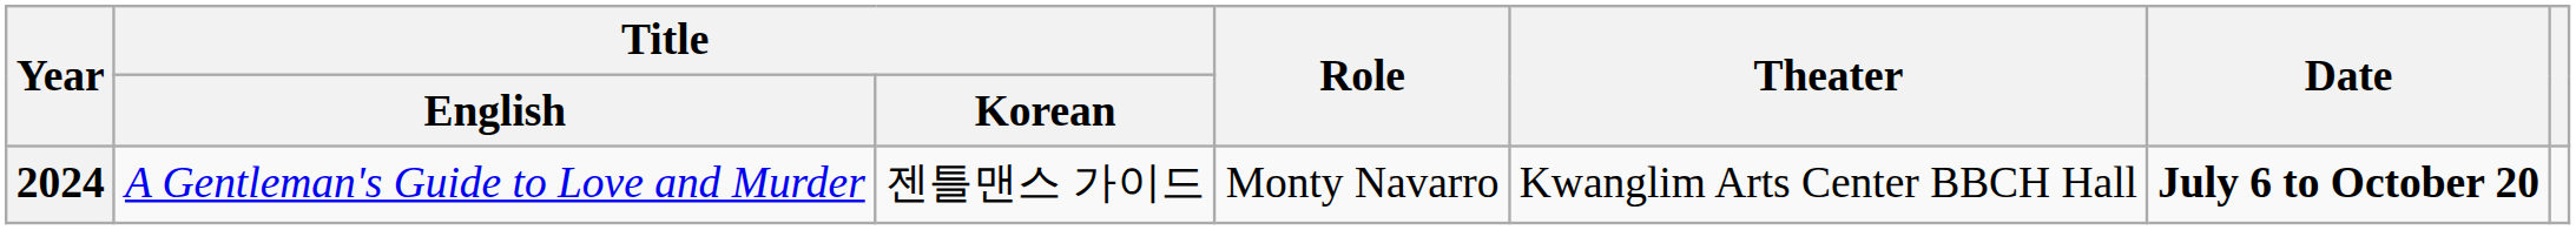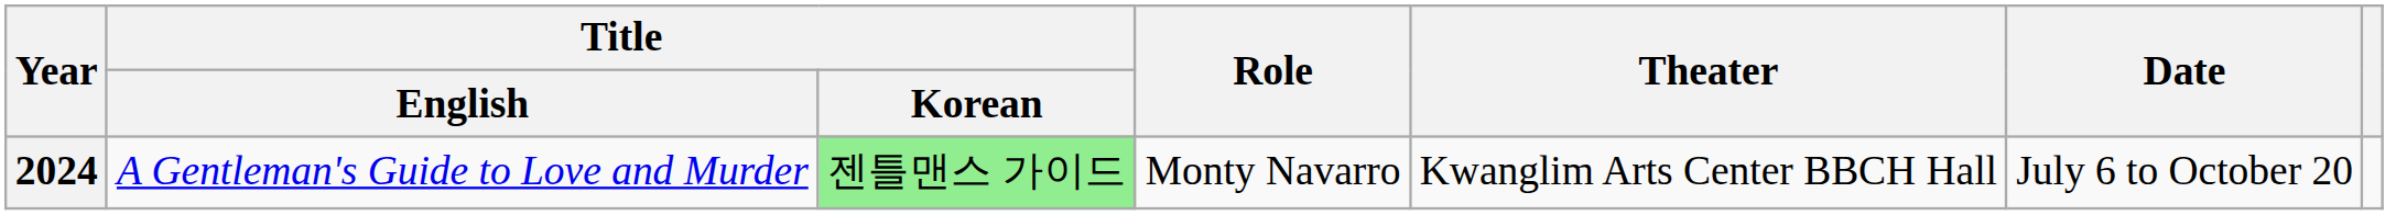 <table class="wikitable sortable plainrowheaders">
 <tr>
 <th rowspan="2" scope="col">Year</th>
 <th colspan="2" scope="col">Title</th>
 <th rowspan="2" scope="col">Role</th>
 <th rowspan="2" scope="col">Theater</th>
 <th rowspan="2" scope="col" class="sortable">Date</th>
 <th rowspan="2" scope="col" class="unsortable"></th>
 </tr>
 <tr>
 <th>English</th>
 <th>Korean</th>
 </tr>
 <tr>
 <th scope="row">2024</th>
 <td><em><a href='#'>A Gentleman's Guide to Love and Murder</a></em></td>
-<td>젠틀맨스 가이드</td>
+<td style="background: lightgreen;">젠틀맨스 가이드</td>
 <td>Monty Navarro</td>
 <td>Kwanglim Arts Center BBCH Hall</td>
-<td><strong>July 6 to October 20</strong></td>
+<td>July 6 to October 20</td>
 <td></td>
 </tr>
 </table>
